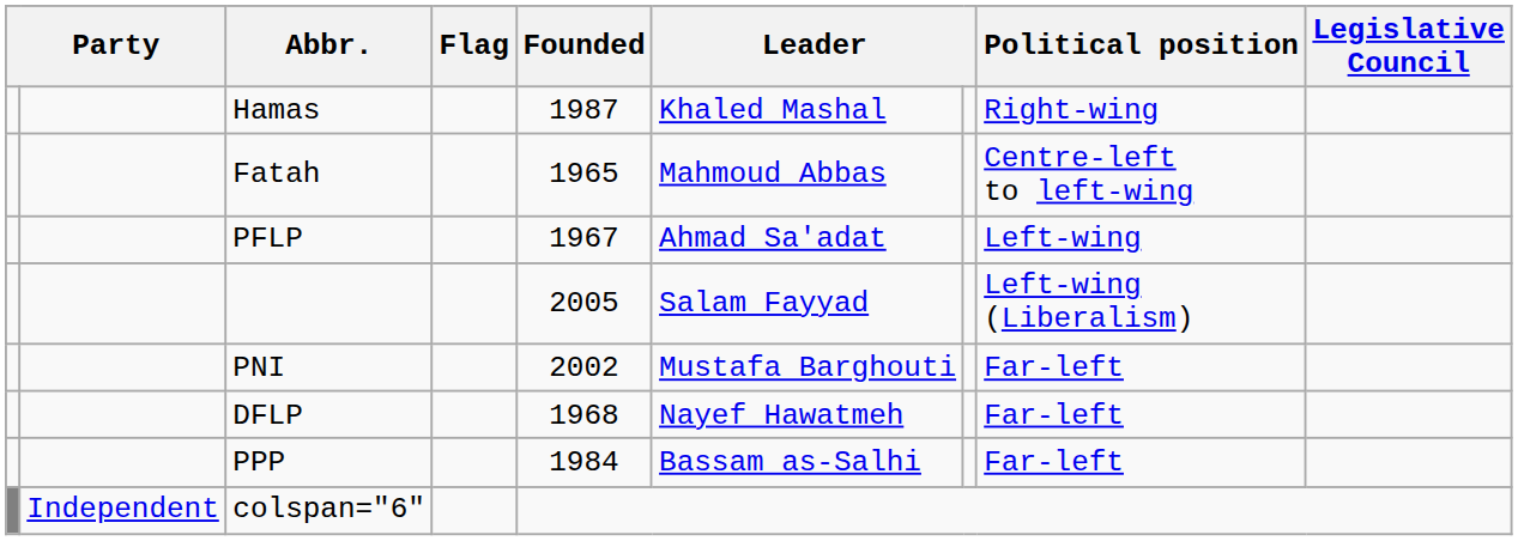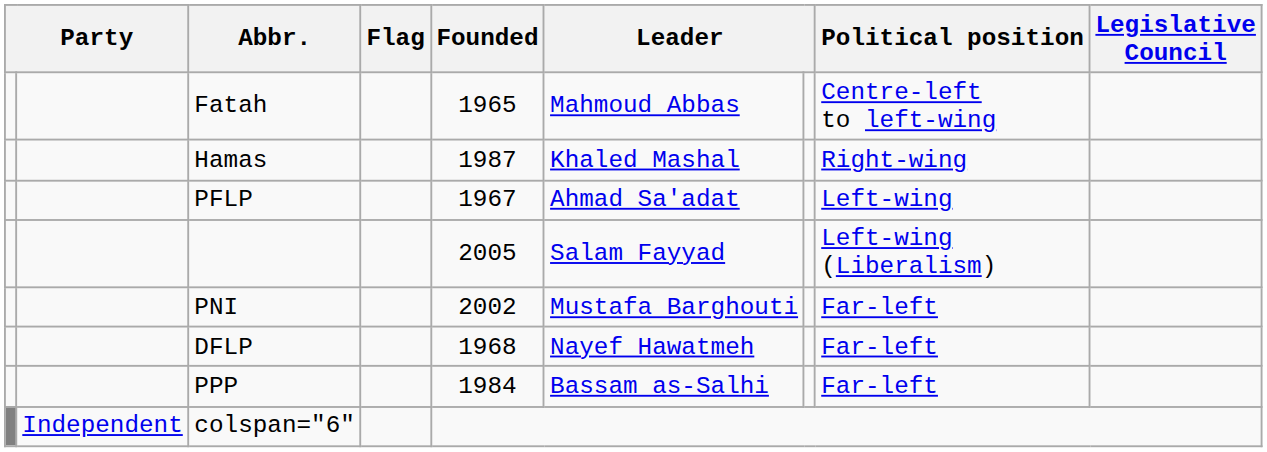 <table class="wikitable sortable">
 <tr>
 <th colspan="2">Party</th>
 <th>Abbr.</th>
 <th>Flag</th>
 <th>Founded</th>
 <th colspan="2">Leader</th>
 <th>Political position</th>
 <th><a href='#'>Legislative<br>Council</a></th>
 </tr>
 <tr>
 <td style="background-color:"></td>
 <td></td>
+<td>Fatah<br></td>
+<td></td>
+<td align="center">1965</td>
+<td><a href='#'>Mahmoud Abbas</a></td>
+<td></td>
+<td><a href='#'>Centre-left</a><br>to <a href='#'>left-wing</a></td>
+<td></td>
+</tr>
+<tr>
+<td style="background-color:"></td>
+<td></td>
 <td>Hamas<br></td>
 <td></td>
 <td align="center">1987</td>
 <td><a href='#'>Khaled Mashal</a></td>
 <td></td>
 <td><a href='#'>Right-wing</a></td>
-<td></td>
-</tr>
-<tr>
-<td style="background-color:"></td>
-<td></td>
-<td>Fatah<br></td>
-<td></td>
-<td align="center">1965</td>
-<td><a href='#'>Mahmoud Abbas</a></td>
-<td></td>
-<td><a href='#'>Centre-left</a><br>to <a href='#'>left-wing</a></td>
 <td></td>
 </tr>
 <tr>
 <td style="background-color:"></td>
 <td></td>
 <td>PFLP</td>
 <td></td>
 <td align="center">1967</td>
 <td><a href='#'>Ahmad Sa'adat</a></td>
 <td></td>
 <td><a href='#'>Left-wing</a></td>
 <td></td>
 </tr>
 <tr>
 <td style="background-color:"></td>
 <td></td>
 <td></td>
 <td></td>
 <td align="center">2005</td>
 <td><a href='#'>Salam Fayyad</a></td>
 <td></td>
 <td><a href='#'>Left-wing</a><br>(<a href='#'>Liberalism</a>)</td>
 <td></td>
 </tr>
 <tr>
 <td style="background-color:"></td>
 <td></td>
 <td>PNI</td>
 <td></td>
 <td align="center">2002</td>
 <td><a href='#'>Mustafa Barghouti</a></td>
 <td></td>
 <td><a href='#'>Far-left</a></td>
 <td></td>
 </tr>
 <tr>
 <td style="background-color:"></td>
 <td></td>
 <td>DFLP</td>
 <td></td>
 <td align="center">1968</td>
 <td><a href='#'>Nayef Hawatmeh</a></td>
 <td></td>
 <td><a href='#'>Far-left</a></td>
 <td></td>
 </tr>
 <tr>
 <td style="background-color:"></td>
 <td></td>
 <td>PPP</td>
 <td></td>
 <td align="center">1984</td>
 <td><a href='#'>Bassam as-Salhi</a></td>
 <td></td>
 <td><a href='#'>Far-left</a></td>
 <td></td>
 </tr>
 <tr>
 <td style="background-color: grey"></td>
 <td><a href='#'>Independent</a></td>
 <td>colspan="6" </td>
 <td></td>
 </tr>
 </table>
